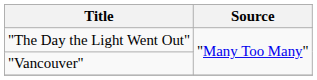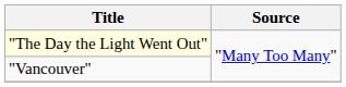 <table class="wikitable">
 <tr>
 <th>Title</th>
 <th>Source</th>
 </tr>
 <tr>
-<td>"The Day the Light Went Out"</td>
+<td style="background: lightyellow;">"The Day the Light Went Out"</td>
 <td rowspan="2">"<a href='#'>Many Too Many</a>"</td>
 </tr>
 <tr>
 <td>"Vancouver"</td>
 </tr>
 <tr>
 </tr>
 </table>
